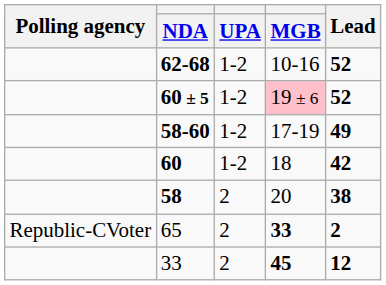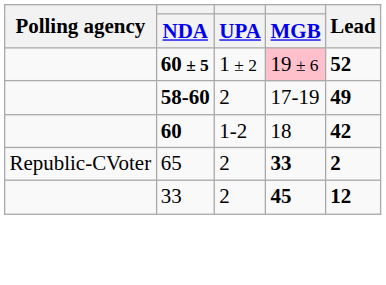 <table class="wikitable sortable">
 <tr>
 <th rowspan="2">Polling agency</th>
 <th style="color:inherit;background:"></th>
 <th style="color:inherit;background:"></th>
 <th bgcolor=></th>
 <th rowspan="2">Lead</th>
 </tr>
 <tr>
 <th><a href='#'>NDA</a></th>
 <th><a href='#'>UPA</a></th>
 <th><a href='#'>MGB</a></th>
 </tr>
 <tr>
 <td></td>
-<td><strong>62-68</strong></td>
-<td>1-2</td>
-<td>10-16</td>
-<td style="background:"><span><strong>52</strong></span></td>
-</tr>
-<tr>
-<td></td>
 <td><strong>60<small> ± 5</small></strong></td>
-<td>1-2</td>
+<td>1<small> ± 2</small></td>
 <td style="background: pink;">19<small> ± 6</small></td>
 <td style="background:"><span><strong>52</strong></span></td>
 </tr>
 <tr>
 <td></td>
 <td><strong>58-60</strong></td>
-<td>1-2</td>
+<td>2</td>
 <td>17-19</td>
 <td style="background:"><span><strong>49</strong></span></td>
 </tr>
 <tr>
 <td></td>
 <td><strong>60</strong></td>
 <td>1-2</td>
 <td>18</td>
 <td style="background:"><span><strong>42</strong></span></td>
-</tr>
-<tr>
-<td></td>
-<td><strong>58</strong></td>
-<td>2</td>
-<td>20</td>
-<td style="background:"><span><strong>38</strong></span></td>
 </tr>
 <tr>
 <td>Republic-CVoter</td>
 <td>65</td>
 <td>2</td>
 <td><strong>33</strong></td>
 <td bgcolor=><span><strong>2</strong></span></td>
 </tr>
 <tr>
 <td></td>
 <td>33</td>
 <td>2</td>
 <td><strong>45</strong></td>
 <td bgcolor=><span><strong>12</strong></span></td>
 </tr>
 </table>
